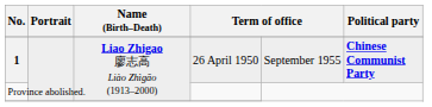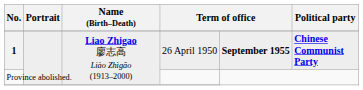 <table class="wikitable">
 <tr ->
 <th>No.</th>
 <th>Portrait</th>
 <th width=150px>Name<br><small>(Birth–Death)</small></th>
 <th colspan=2 width=200px>Term of office</th>
 <th width=100px>Political party</th>
 </tr>
 <tr ->
 </tr>
 <tr - bgcolor=#EEEEEE>
 <th style="background:">1</th>
 <td rowspan=2 align=center></td>
 <td rowspan=2 align=center><strong><a href='#'>Liao Zhigao</a></strong><br><span>廖志高</span><br><small><em>Liào Zhìgāo</em><br>(1913–2000)</small></td>
 <td>26 April 1950</td>
-<td>September 1955</td>
+<td><strong>September 1955</strong></td>
 <td><strong><a href='#'>Chinese Communist Party</a></strong></td>
 </tr>
 <tr>
 <td colspan=4><small>Province abolished.</small></td>
 </tr>
 <tr>
 </tr>
 </table>
